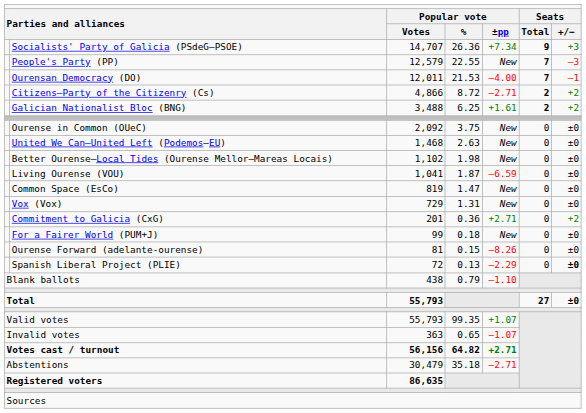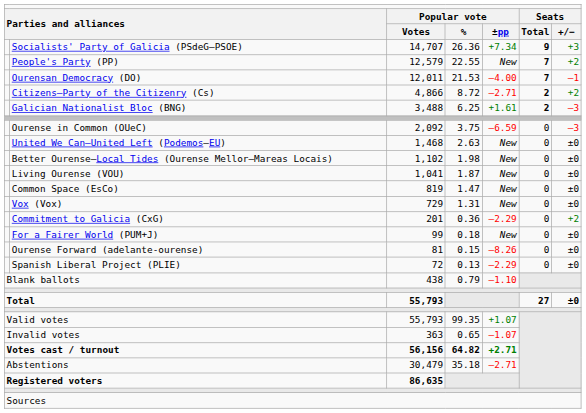 <table class="wikitable" style="text-align:right;">
 <tr>
 <td colspan="7"></td>
 </tr>
 <tr>
 <th style="text-align:left;" rowspan="2" colspan="2" width="525">Parties and alliances</th>
 <th colspan="3">Popular vote</th>
 <th colspan="2">Seats</th>
 </tr>
 <tr>
 <th width="75">Votes</th>
 <th width="45">%</th>
 <th width="45">±<a href='#'>pp</a></th>
 <th width="35">Total</th>
 <th width="35">+/−</th>
 </tr>
 <tr>
 <td width="1" style="color:inherit;background:"></td>
 <td align="left"><a href='#'>Socialists' Party of Galicia</a> (PSdeG–PSOE)</td>
 <td>14,707</td>
 <td>26.36</td>
 <td style="color:green;">+7.34</td>
 <td><strong>9</strong></td>
 <td style="color:green;">+3</td>
 </tr>
 <tr>
 <td style="color:inherit;background:"></td>
 <td align="left"><a href='#'>People's Party</a> (PP)</td>
 <td>12,579</td>
 <td>22.55</td>
 <td><em>New</em></td>
 <td><strong>7</strong></td>
-<td style="color:red;">–3</td>
+<td style="color:green;">+2</td>
 </tr>
 <tr>
 <td style="color:inherit;background:"></td>
 <td align="left"><a href='#'>Ourensan Democracy</a> (DO)</td>
 <td>12,011</td>
 <td>21.53</td>
 <td style="color:red;">–4.00</td>
 <td><strong>7</strong></td>
 <td style="color:red;">–1</td>
 </tr>
 <tr>
 <td style="color:inherit;background:"></td>
 <td align="left"><a href='#'>Citizens–Party of the Citizenry</a> (Cs)</td>
 <td>4,866</td>
 <td>8.72</td>
 <td style="color:red;">–2.71</td>
 <td><strong>2</strong></td>
 <td style="color:green;">+2</td>
 </tr>
 <tr>
 <td style="color:inherit;background:"></td>
 <td align="left"><a href='#'>Galician Nationalist Bloc</a> (BNG)</td>
 <td>3,488</td>
 <td>6.25</td>
 <td style="color:green;">+1.61</td>
 <td><strong>2</strong></td>
-<td style="color:green;">+2</td>
+<td style="color:red;">–3</td>
 </tr>
 <tr>
 <td colspan="7" bgcolor="#C0C0C0"></td>
 </tr>
 <tr>
 <td style="color:inherit;background:"></td>
 <td align="left">Ourense in Common (OUeC)</td>
 <td>2,092</td>
 <td>3.75</td>
-<td><em>New</em></td>
+<td style="color:red;">–6.59</td>
 <td>0</td>
-<td>±0</td>
+<td style="color:red;">–3</td>
 </tr>
 <tr>
 <td style="color:inherit;background:"></td>
 <td align="left"><a href='#'>United We Can–United Left</a> (<a href='#'>Podemos</a>–<a href='#'>EU</a>)</td>
 <td>1,468</td>
 <td>2.63</td>
 <td><em>New</em></td>
 <td>0</td>
 <td>±0</td>
 </tr>
 <tr>
 <td style="color:inherit;background:"></td>
 <td align="left">Better Ourense–<a href='#'>Local Tides</a> (Ourense Mellor–Mareas Locais)</td>
 <td>1,102</td>
 <td>1.98</td>
 <td><em>New</em></td>
 <td>0</td>
 <td>±0</td>
 </tr>
 <tr>
 <td style="color:inherit;background:"></td>
 <td align="left">Living Ourense (VOU)</td>
 <td>1,041</td>
 <td>1.87</td>
-<td style="color:red;">–6.59</td>
+<td><em>New</em></td>
 <td>0</td>
 <td>±0</td>
 </tr>
 <tr>
 <td style="color:inherit;background:"></td>
 <td align="left">Common Space (EsCo)</td>
 <td>819</td>
 <td>1.47</td>
 <td><em>New</em></td>
 <td>0</td>
 <td>±0</td>
 </tr>
 <tr>
 <td style="color:inherit;background:"></td>
 <td align="left"><a href='#'>Vox</a> (Vox)</td>
 <td>729</td>
 <td>1.31</td>
 <td><em>New</em></td>
 <td>0</td>
 <td>±0</td>
 </tr>
 <tr>
 <td style="color:inherit;background:"></td>
 <td align="left"><a href='#'>Commitment to Galicia</a> (CxG)</td>
 <td>201</td>
 <td>0.36</td>
-<td style="color:green;">+2.71</td>
+<td style="color:red;">–2.29</td>
 <td>0</td>
 <td style="color:green;">+2</td>
 </tr>
 <tr>
 <td style="color:inherit;background:"></td>
 <td align="left"><a href='#'>For a Fairer World</a> (PUM+J)</td>
 <td>99</td>
 <td>0.18</td>
 <td><em>New</em></td>
 <td>0</td>
 <td>±0</td>
 </tr>
 <tr>
 <td style="color:inherit;background:"></td>
 <td align="left">Ourense Forward (adelante-ourense)</td>
 <td>81</td>
 <td>0.15</td>
 <td style="color:red;">–8.26</td>
 <td>0</td>
 <td>±0</td>
 </tr>
 <tr>
 <td style="color:inherit;background:"></td>
 <td align="left">Spanish Liberal Project (PLIE)</td>
 <td>72</td>
 <td>0.13</td>
 <td style="color:red;">–2.29</td>
 <td>0</td>
-<td><strong>±0</strong></td>
+<td>±0</td>
 </tr>
 <tr>
 <td align="left" colspan="2">Blank ballots</td>
 <td>438</td>
 <td>0.79</td>
 <td style="color:red;">–1.10</td>
 <td bgcolor="#E9E9E9" colspan="2"></td>
 </tr>
 <tr>
 <td colspan="7" bgcolor="#E9E9E9"></td>
 </tr>
 <tr style="font-weight:bold;">
 <td align="left" colspan="2">Total</td>
 <td>55,793</td>
 <td bgcolor="#E9E9E9" colspan="2"></td>
 <td>27</td>
 <td>±0</td>
 </tr>
 <tr>
 <td colspan="7" bgcolor="#E9E9E9"></td>
 </tr>
 <tr>
 <td align="left" colspan="2">Valid votes</td>
 <td>55,793</td>
 <td>99.35</td>
 <td style="color:green;">+1.07</td>
 <td bgcolor="#E9E9E9" colspan="2" rowspan="5"></td>
 </tr>
 <tr>
 <td align="left" colspan="2">Invalid votes</td>
 <td>363</td>
 <td>0.65</td>
 <td style="color:red;">–1.07</td>
 </tr>
 <tr style="font-weight:bold;">
 <td align="left" colspan="2">Votes cast / turnout</td>
 <td>56,156</td>
 <td>64.82</td>
 <td style="color:green;">+2.71</td>
 </tr>
 <tr>
 <td align="left" colspan="2">Abstentions</td>
 <td>30,479</td>
 <td>35.18</td>
 <td style="color:red;">–2.71</td>
 </tr>
 <tr style="font-weight:bold;">
 <td align="left" colspan="2">Registered voters</td>
 <td>86,635</td>
 <td bgcolor="#E9E9E9" colspan="2"></td>
 </tr>
 <tr>
 <td colspan="7" bgcolor="#E9E9E9"></td>
 </tr>
 <tr>
 <td align="left" colspan="7">Sources</td>
 </tr>
 </table>
